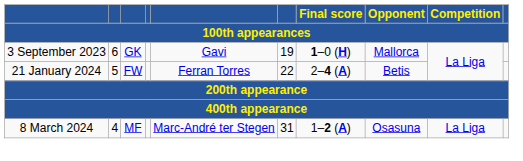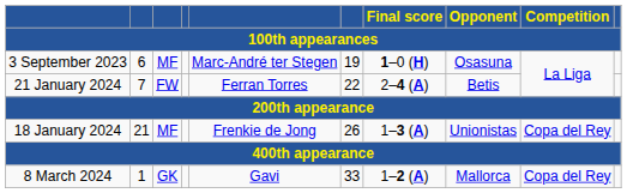 <table class="wikitable" style="text-align:center">
 <tr>
 <th style="background:#26559B;color:#FFF000;"></th>
 <th style="background:#26559B;color:#FFF000;"></th>
 <th style="background:#26559B;color:#FFF000;"></th>
 <th style="background:#26559B;color:#FFF000;"></th>
 <th style="background:#26559B;color:#FFF000;"></th>
 <th style="background:#26559B;color:#FFF000;"></th>
 <th style="background:#26559B;color:#FFF000;">Final score</th>
 <th style="background:#26559B;color:#FFF000;">Opponent</th>
 <th style="background:#26559B;color:#FFF000;">Competition</th>
 <th style="background:#26559B;color:#FFF000;"></th>
 </tr>
 <tr>
 <th colspan=10 style="background:#26559B;color:#FFF000;">100th appearances</th>
 </tr>
 <tr>
 <td>3 September 2023</td>
 <td>6</td>
-<td><a href='#'>GK</a></td>
+<td><a href='#'>MF</a></td>
 <td></td>
-<td><a href='#'>Gavi</a></td>
+<td><a href='#'>Marc-André ter Stegen</a></td>
 <td>19</td>
 <td><strong>1</strong>–0 (<a href='#'><strong>H</strong></a>)</td>
-<td><a href='#'>Mallorca</a></td>
+<td><a href='#'>Osasuna</a></td>
 <td rowspan=2><a href='#'>La Liga</a></td>
 <td></td>
 </tr>
 <tr>
 <td>21 January 2024</td>
-<td>5</td>
+<td>7</td>
 <td><a href='#'>FW</a></td>
 <td></td>
 <td><a href='#'>Ferran Torres</a></td>
 <td>22</td>
 <td>2–<strong>4</strong> (<a href='#'><strong>A</strong></a>)</td>
 <td><a href='#'>Betis</a></td>
 <td></td>
 </tr>
 <tr>
 <th colspan=10 style="background:#26559B;color:#FFF000;">200th appearance</th>
 </tr>
 <tr>
+<td>18 January 2024</td>
+<td>21</td>
+<td><a href='#'>MF</a></td>
+<td></td>
+<td><a href='#'>Frenkie de Jong</a></td>
+<td>26</td>
+<td>1–<strong>3</strong> (<a href='#'><strong>A</strong></a>)</td>
+<td><a href='#'>Unionistas</a></td>
+<td><a href='#'>Copa del Rey</a></td>
+<td></td>
+</tr>
+<tr>
 <th colspan=10 style="background:#26559B;color:#FFF000;">400th appearance</th>
 </tr>
 <tr>
 <td>8 March 2024</td>
-<td>4</td>
-<td><a href='#'>MF</a></td>
+<td>1</td>
+<td><a href='#'>GK</a></td>
 <td></td>
-<td><a href='#'>Marc-André ter Stegen</a></td>
-<td>31</td>
+<td><a href='#'>Gavi</a></td>
+<td>33</td>
 <td>1–<strong>2</strong> (<a href='#'><strong>A</strong></a>)</td>
-<td><a href='#'>Osasuna</a></td>
-<td><a href='#'>La Liga</a></td>
+<td><a href='#'>Mallorca</a></td>
+<td><a href='#'>Copa del Rey</a></td>
 <td></td>
 </tr>
 </table>
